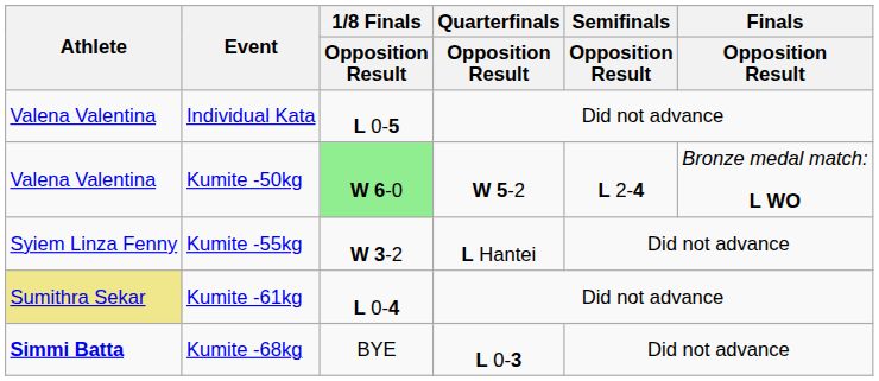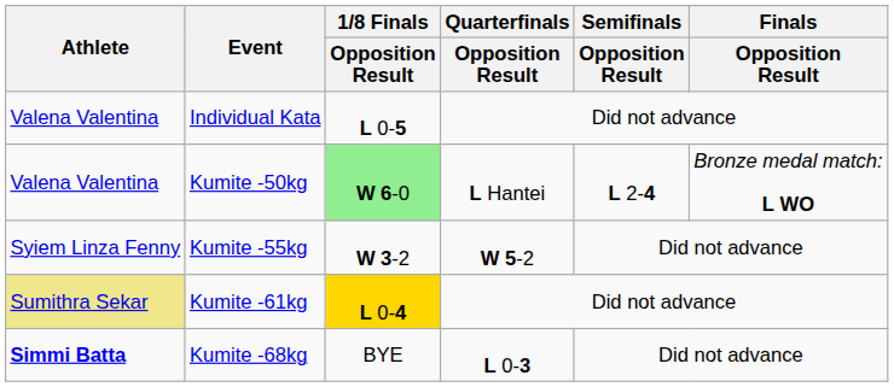 <table class=wikitable style="font-size:90%">
 <tr>
 <th rowspan=2>Athlete</th>
 <th rowspan=2>Event</th>
 <th>1/8 Finals</th>
 <th>Quarterfinals</th>
 <th>Semifinals</th>
 <th>Finals</th>
 </tr>
 <tr>
 <th>Opposition<br>Result</th>
 <th>Opposition<br>Result</th>
 <th>Opposition<br>Result</th>
 <th>Opposition<br>Result</th>
 </tr>
 <tr>
 <td><a href='#'>Valena Valentina</a></td>
 <td><a href='#'>Individual Kata</a></td>
 <td align=center><br><strong>L</strong> 0-<strong>5</strong></td>
 <td align=center colspan="7">Did not advance</td>
 </tr>
 <tr>
 <td><a href='#'>Valena Valentina</a></td>
 <td><a href='#'>Kumite -50kg</a></td>
 <td align=center style="background: lightgreen;"><br><strong>W</strong> <strong>6</strong>-0</td>
-<td align=center><br><strong>W</strong> <strong>5</strong>-2</td>
+<td align=center><br><strong>L</strong> Hantei</td>
 <td align=center><br><strong>L</strong> 2-<strong>4</strong></td>
 <td align=center><em>Bronze medal match:</em><br><br><strong>L</strong> <strong>WO</strong></td>
 </tr>
 <tr>
 <td><a href='#'>Syiem Linza Fenny</a></td>
 <td><a href='#'>Kumite -55kg</a></td>
 <td align=center><br><strong>W</strong> <strong>3</strong>-2</td>
-<td align=center><br><strong>L</strong> Hantei</td>
+<td align=center><br><strong>W</strong> <strong>5</strong>-2</td>
 <td align=center colspan="7">Did not advance</td>
 </tr>
 <tr>
 <td style="background: khaki;"><a href='#'>Sumithra Sekar</a></td>
 <td><a href='#'>Kumite -61kg</a></td>
-<td align=center><br><strong>L</strong> 0-<strong>4</strong></td>
+<td align=center style="background: gold;"><br><strong>L</strong> 0-<strong>4</strong></td>
 <td align=center colspan="7">Did not advance</td>
 </tr>
 <tr>
 <td><strong><a href='#'>Simmi Batta</a></strong></td>
 <td><a href='#'>Kumite -68kg</a></td>
 <td align=center>BYE</td>
 <td align=center><br><strong>L</strong> 0-<strong>3</strong></td>
 <td align=center colspan="7">Did not advance</td>
 </tr>
 </table>
